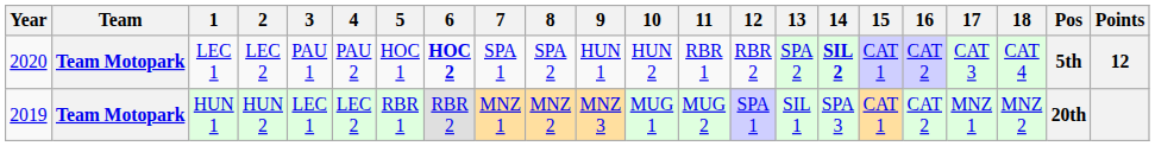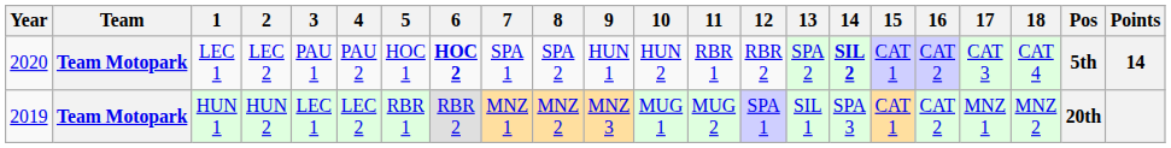 <table class="wikitable" style="text-align:center; font-size:85%">
 <tr>
 <th>Year</th>
 <th>Team</th>
 <th>1</th>
 <th>2</th>
 <th>3</th>
 <th>4</th>
 <th>5</th>
 <th>6</th>
 <th>7</th>
 <th>8</th>
 <th>9</th>
 <th>10</th>
 <th>11</th>
 <th>12</th>
 <th>13</th>
 <th>14</th>
 <th>15</th>
 <th>16</th>
 <th>17</th>
 <th>18</th>
 <th>Pos</th>
 <th>Points</th>
 </tr>
 <tr>
 <td><a href='#'>2020</a></td>
 <th nowrap><a href='#'>Team Motopark</a></th>
 <td style="background:#"><a href='#'>LEC<br>1</a></td>
 <td style="background:#"><a href='#'>LEC<br>2</a></td>
 <td style="background:#"><a href='#'>PAU<br>1</a></td>
 <td style="background:#"><a href='#'>PAU<br>2</a></td>
 <td style="background:#"><a href='#'>HOC<br>1</a></td>
 <td style="background:#"><strong><a href='#'>HOC<br>2</a></strong></td>
 <td style="background:#"><a href='#'>SPA<br>1</a></td>
 <td style="background:#"><a href='#'>SPA<br>2</a></td>
 <td style="background:#"><a href='#'>HUN<br>1</a></td>
 <td style="background:#"><a href='#'>HUN<br>2</a></td>
 <td style="background:#"><a href='#'>RBR<br>1</a></td>
 <td style="background:#"><a href='#'>RBR<br>2</a></td>
 <td style="background:#DFFFDF"><a href='#'>SPA<br>2</a><br></td>
 <td style="background:#DFFFDF"><strong><a href='#'>SIL<br>2</a><br></strong></td>
 <td style="background:#CFCFFF"><a href='#'>CAT<br>1</a><br></td>
 <td style="background:#CFCFFF"><a href='#'>CAT<br>2</a><br></td>
 <td style="background:#DFFFDF"><a href='#'>CAT<br>3</a><br></td>
 <td style="background:#DFFFDF"><a href='#'>CAT<br>4</a><br></td>
 <th>5th</th>
-<th>12</th>
+<th>14</th>
 </tr>
 <tr>
 <td><a href='#'>2019</a></td>
 <th nowrap><a href='#'>Team Motopark</a></th>
 <td style="background:#DFFFDF"><a href='#'>HUN<br>1</a><br></td>
 <td style="background:#DFFFDF"><a href='#'>HUN<br>2</a><br></td>
 <td style="background:#DFFFDF"><a href='#'>LEC<br>1</a><br></td>
 <td style="background:#DFFFDF"><a href='#'>LEC<br>2</a><br></td>
 <td style="background:#DFFFDF"><a href='#'>RBR<br>1</a><br></td>
 <td style="background:#DFDFDF"><a href='#'>RBR<br>2</a><br></td>
 <td style="background:#FFDF9F"><a href='#'>MNZ<br>1</a><br></td>
 <td style="background:#FFDF9F"><a href='#'>MNZ<br>2</a><br></td>
 <td style="background:#FFDF9F"><a href='#'>MNZ<br>3</a><br></td>
 <td style="background:#DFFFDF"><a href='#'>MUG<br>1</a><br></td>
 <td style="background:#DFFFDF"><a href='#'>MUG<br>2</a><br></td>
 <td style="background:#CFCFFF"><a href='#'>SPA<br>1</a><br></td>
 <td style="background:#DFFFDF"><a href='#'>SIL<br>1</a><br></td>
 <td style="background:#DFFFDF"><a href='#'>SPA<br>3</a><br></td>
 <td style="background:#FFDF9F"><a href='#'>CAT<br>1</a><br></td>
 <td style="background:#DFFFDF"><a href='#'>CAT<br>2</a><br></td>
 <td style="background:#DFFFDF"><a href='#'>MNZ<br>1</a><br></td>
 <td style="background:#DFFFDF"><a href='#'>MNZ<br>2</a><br></td>
 <th>20th</th>
 <th></th>
 </tr>
 </table>
